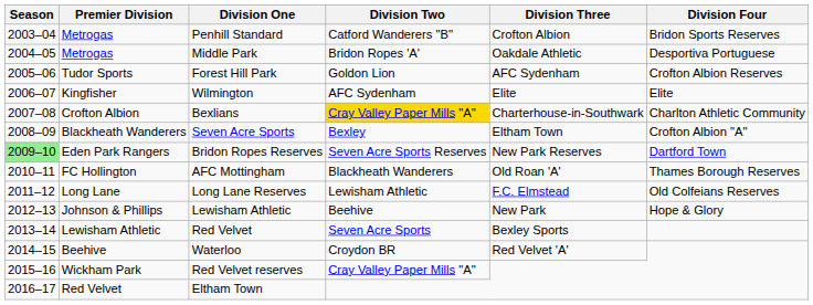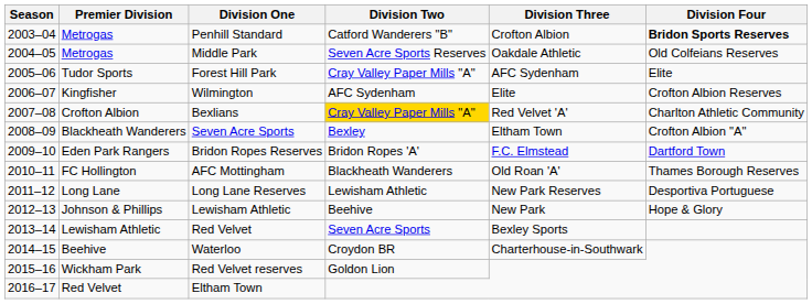 <table class="wikitable" style="textalign-center">
 <tr>
 <th>Season</th>
 <th>Premier Division</th>
 <th>Division One</th>
 <th>Division Two</th>
 <th>Division Three</th>
 <th>Division Four</th>
 </tr>
 <tr>
 <td>2003–04</td>
 <td><a href='#'>Metrogas</a></td>
 <td>Penhill Standard</td>
 <td>Catford Wanderers "B"</td>
 <td>Crofton Albion</td>
-<td>Bridon Sports Reserves</td>
+<td><strong>Bridon Sports Reserves</strong></td>
 </tr>
 <tr>
 <td>2004–05</td>
 <td><a href='#'>Metrogas</a></td>
 <td>Middle Park</td>
-<td>Bridon Ropes 'A'</td>
+<td><a href='#'>Seven Acre Sports</a> Reserves</td>
 <td>Oakdale Athletic</td>
-<td>Desportiva Portuguese</td>
+<td>Old Colfeians Reserves</td>
 </tr>
 <tr>
 <td>2005–06</td>
 <td>Tudor Sports</td>
 <td>Forest Hill Park</td>
-<td>Goldon Lion</td>
+<td><a href='#'>Cray Valley Paper Mills</a> "A"</td>
 <td>AFC Sydenham</td>
-<td>Crofton Albion Reserves</td>
+<td>Elite</td>
 </tr>
 <tr>
 <td>2006–07</td>
 <td>Kingfisher</td>
 <td>Wilmington</td>
 <td>AFC Sydenham</td>
 <td>Elite</td>
-<td>Elite</td>
+<td>Crofton Albion Reserves</td>
 </tr>
 <tr>
 <td>2007–08</td>
 <td>Crofton Albion</td>
 <td>Bexlians</td>
 <td style="background: gold;"><a href='#'>Cray Valley Paper Mills</a> "A"</td>
-<td>Charterhouse-in-Southwark</td>
+<td>Red Velvet 'A'</td>
 <td>Charlton Athletic Community</td>
 </tr>
 <tr>
 <td>2008–09</td>
 <td>Blackheath Wanderers</td>
 <td><a href='#'>Seven Acre Sports</a></td>
 <td><a href='#'>Bexley</a></td>
 <td>Eltham Town</td>
 <td>Crofton Albion "A"</td>
 </tr>
 <tr>
-<td style="background: lightgreen;">2009–10</td>
+<td>2009–10</td>
 <td>Eden Park Rangers</td>
 <td>Bridon Ropes Reserves</td>
-<td><a href='#'>Seven Acre Sports</a> Reserves</td>
-<td>New Park Reserves</td>
+<td>Bridon Ropes 'A'</td>
+<td><a href='#'>F.C. Elmstead</a></td>
 <td><a href='#'>Dartford Town</a></td>
 </tr>
 <tr>
 <td>2010–11</td>
 <td>FC Hollington</td>
 <td>AFC Mottingham</td>
 <td>Blackheath Wanderers</td>
 <td>Old Roan 'A'</td>
 <td>Thames Borough Reserves</td>
 </tr>
 <tr>
 <td>2011–12</td>
 <td>Long Lane</td>
 <td>Long Lane Reserves</td>
 <td>Lewisham Athletic</td>
-<td><a href='#'>F.C. Elmstead</a></td>
-<td>Old Colfeians Reserves</td>
+<td>New Park Reserves</td>
+<td>Desportiva Portuguese</td>
 </tr>
 <tr>
 <td>2012–13</td>
 <td>Johnson & Phillips</td>
 <td>Lewisham Athletic</td>
 <td>Beehive</td>
 <td>New Park</td>
 <td>Hope & Glory</td>
 </tr>
 <tr>
 <td>2013–14</td>
 <td>Lewisham Athletic</td>
 <td>Red Velvet</td>
 <td><a href='#'>Seven Acre Sports</a></td>
 <td>Bexley Sports</td>
 <td></td>
 </tr>
 <tr>
 <td>2014–15</td>
 <td>Beehive</td>
 <td>Waterloo</td>
 <td>Croydon BR</td>
-<td>Red Velvet 'A'</td>
+<td>Charterhouse-in-Southwark</td>
 </tr>
 <tr>
 <td>2015–16</td>
 <td>Wickham Park</td>
 <td>Red Velvet reserves</td>
-<td><a href='#'>Cray Valley Paper Mills</a> "A"</td>
+<td>Goldon Lion</td>
 </tr>
 <tr>
 <td>2016–17</td>
 <td>Red Velvet</td>
 <td>Eltham Town</td>
 </tr>
 </table>
